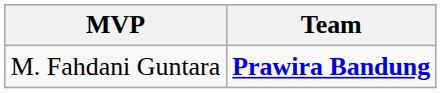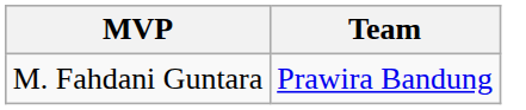 <table class="wikitable">
 <tr>
 <th>MVP</th>
 <th>Team</th>
 </tr>
 <tr>
 <td>M. Fahdani Guntara</td>
-<td><strong><a href='#'>Prawira Bandung</a></strong></td>
+<td><a href='#'>Prawira Bandung</a></td>
 </tr>
 </table>
